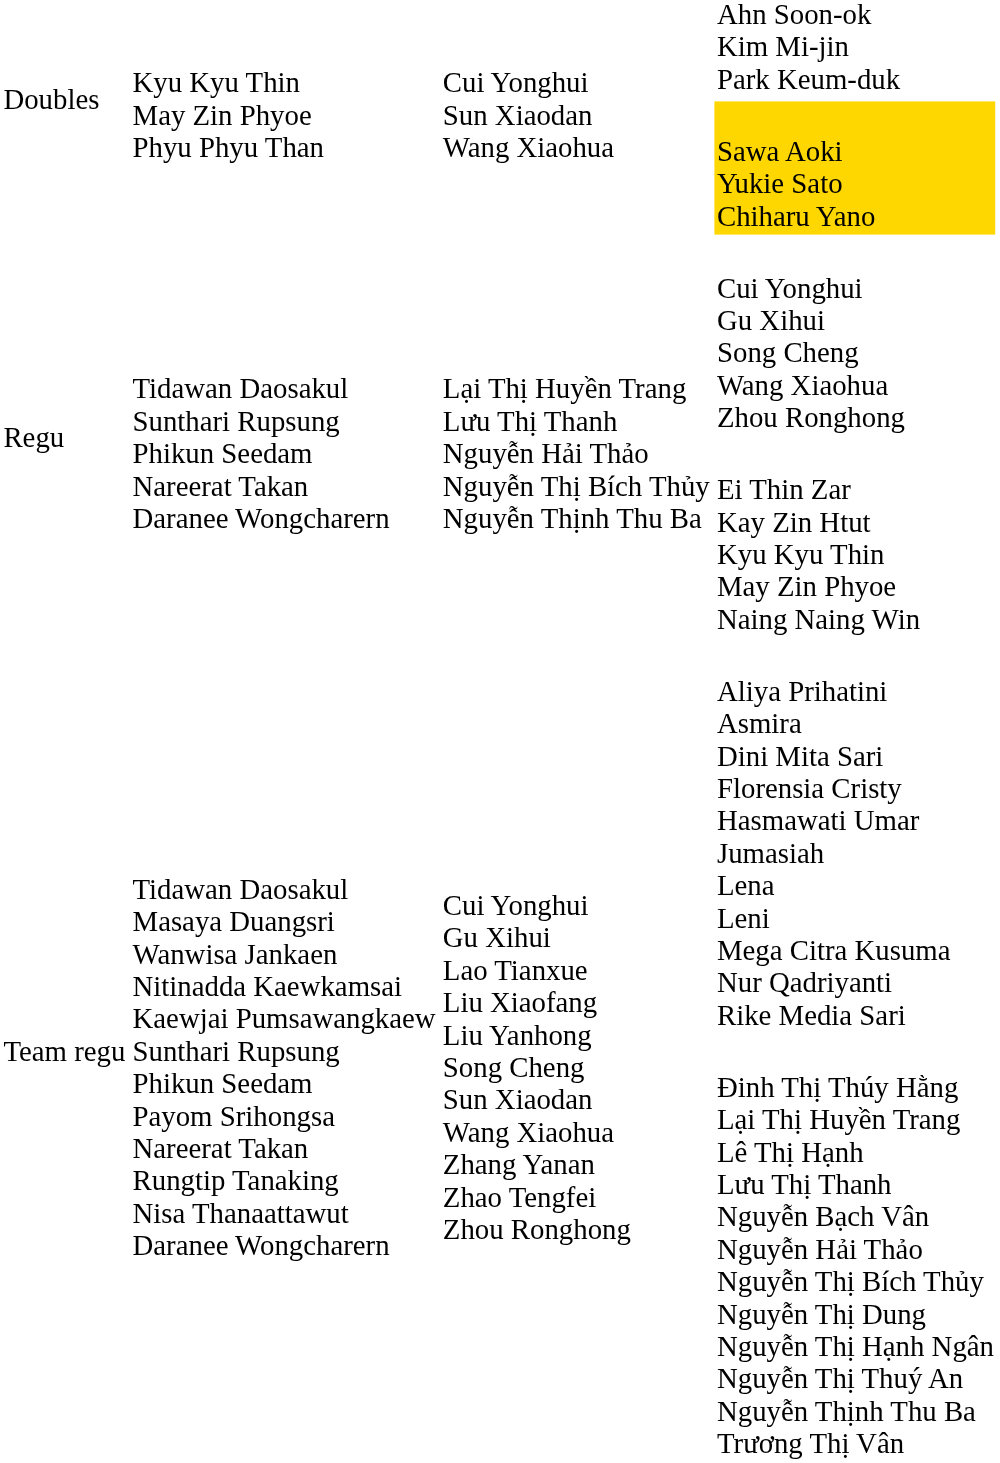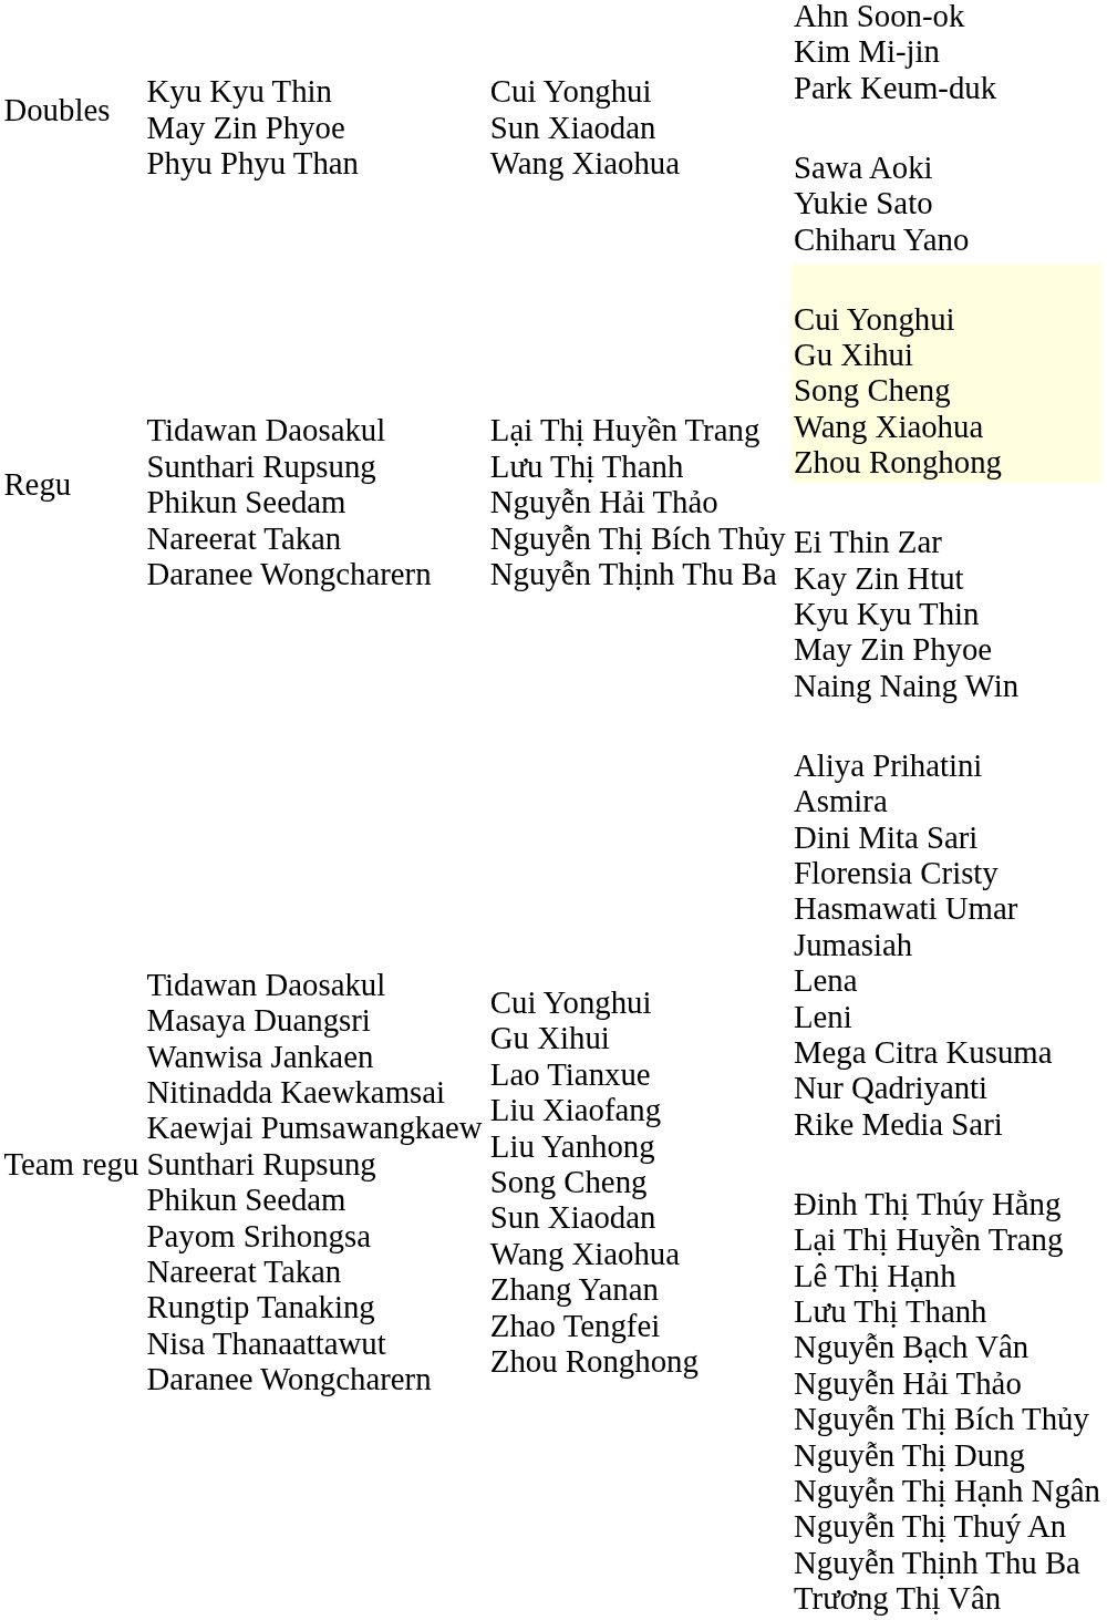 <table>
 <tr>
 <td rowspan=2>Doubles<br></td>
 <td rowspan=2><br>Kyu Kyu Thin<br>May Zin Phyoe<br>Phyu Phyu Than</td>
 <td rowspan=2><br>Cui Yonghui<br>Sun Xiaodan<br>Wang Xiaohua</td>
 <td><br>Ahn Soon-ok<br>Kim Mi-jin<br>Park Keum-duk</td>
 </tr>
 <tr>
-<td style="background: gold;"><br>Sawa Aoki<br>Yukie Sato<br>Chiharu Yano</td>
+<td><br>Sawa Aoki<br>Yukie Sato<br>Chiharu Yano</td>
 </tr>
 <tr>
 <td rowspan=2>Regu<br></td>
 <td rowspan=2><br>Tidawan Daosakul<br>Sunthari Rupsung<br>Phikun Seedam<br>Nareerat Takan<br>Daranee Wongcharern</td>
 <td rowspan=2><br>Lại Thị Huyền Trang<br>Lưu Thị Thanh<br>Nguyễn Hải Thảo<br>Nguyễn Thị Bích Thủy<br>Nguyễn Thịnh Thu Ba</td>
-<td><br>Cui Yonghui<br>Gu Xihui<br>Song Cheng<br>Wang Xiaohua<br>Zhou Ronghong</td>
+<td style="background: lightyellow;"><br>Cui Yonghui<br>Gu Xihui<br>Song Cheng<br>Wang Xiaohua<br>Zhou Ronghong</td>
 </tr>
 <tr>
 <td><br>Ei Thin Zar<br>Kay Zin Htut<br>Kyu Kyu Thin<br>May Zin Phyoe<br>Naing Naing Win</td>
 </tr>
 <tr>
 <td rowspan=2>Team regu<br></td>
 <td rowspan=2><br>Tidawan Daosakul<br>Masaya Duangsri<br>Wanwisa Jankaen<br>Nitinadda Kaewkamsai<br>Kaewjai Pumsawangkaew<br>Sunthari Rupsung<br>Phikun Seedam<br>Payom Srihongsa<br>Nareerat Takan<br>Rungtip Tanaking<br>Nisa Thanaattawut<br>Daranee Wongcharern</td>
 <td rowspan=2><br>Cui Yonghui<br>Gu Xihui<br>Lao Tianxue<br>Liu Xiaofang<br>Liu Yanhong<br>Song Cheng<br>Sun Xiaodan<br>Wang Xiaohua<br>Zhang Yanan<br>Zhao Tengfei<br>Zhou Ronghong</td>
 <td><br>Aliya Prihatini<br>Asmira<br>Dini Mita Sari<br>Florensia Cristy<br>Hasmawati Umar<br>Jumasiah<br>Lena<br>Leni<br>Mega Citra Kusuma<br>Nur Qadriyanti<br>Rike Media Sari</td>
 </tr>
 <tr>
 <td><br>Đinh Thị Thúy Hằng<br>Lại Thị Huyền Trang<br>Lê Thị Hạnh<br>Lưu Thị Thanh<br>Nguyễn Bạch Vân<br>Nguyễn Hải Thảo<br>Nguyễn Thị Bích Thủy<br>Nguyễn Thị Dung<br>Nguyễn Thị Hạnh Ngân<br>Nguyễn Thị Thuý An<br>Nguyễn Thịnh Thu Ba<br>Trương Thị Vân</td>
 </tr>
 </table>
